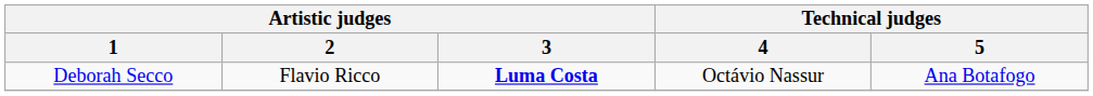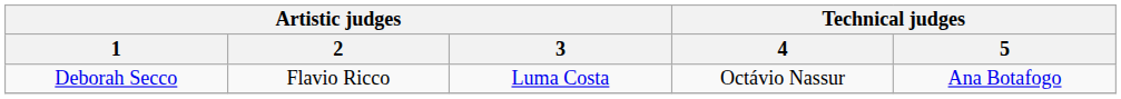 <table class="wikitable" style="font-size:100%; line-height:16px; text-align:center" width="100%">
 <tr>
 <th colspan=3>Artistic judges</th>
 <th colspan=2>Technical judges</th>
 </tr>
 <tr>
 <th>1</th>
 <th>2</th>
 <th>3</th>
 <th>4</th>
 <th>5</th>
 </tr>
 <tr>
 <td width=150><a href='#'>Deborah Secco</a></td>
 <td width=150>Flavio Ricco</td>
-<td width=150><strong><a href='#'>Luma Costa</a></strong></td>
+<td width=150><a href='#'>Luma Costa</a></td>
 <td width=150>Octávio Nassur</td>
 <td width=150><a href='#'>Ana Botafogo</a></td>
 </tr>
 <tr>
 </tr>
 </table>
